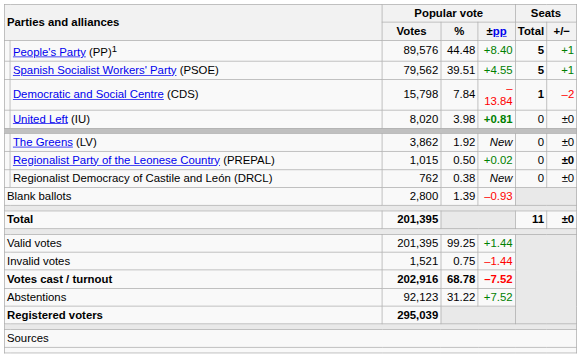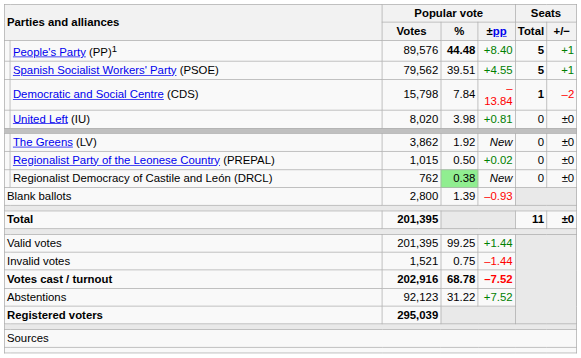 <table class="wikitable" style="text-align:right;">
 <tr>
 <th style="text-align:left;" rowspan="2" colspan="2" width="525">Parties and alliances</th>
 <th colspan="3">Popular vote</th>
 <th colspan="2">Seats</th>
 </tr>
 <tr>
 <th width="75">Votes</th>
 <th width="45">%</th>
 <th width="45">±<a href='#'>pp</a></th>
 <th width="35">Total</th>
 <th width="35">+/−</th>
 </tr>
 <tr>
 <td width="1" style="color:inherit;background:"></td>
 <td align="left"><a href='#'>People's Party</a> (PP)<sup>1</sup></td>
 <td>89,576</td>
-<td>44.48</td>
+<td><strong>44.48</strong></td>
 <td style="color:green;">+8.40</td>
 <td><strong>5</strong></td>
 <td style="color:green;">+1</td>
 </tr>
 <tr>
 <td style="color:inherit;background:"></td>
 <td align="left"><a href='#'>Spanish Socialist Workers' Party</a> (PSOE)</td>
 <td>79,562</td>
 <td>39.51</td>
 <td style="color:green;">+4.55</td>
 <td><strong>5</strong></td>
 <td style="color:green;">+1</td>
 </tr>
 <tr>
 <td style="color:inherit;background:"></td>
 <td align="left"><a href='#'>Democratic and Social Centre</a> (CDS)</td>
 <td>15,798</td>
 <td>7.84</td>
 <td style="color:red;">–13.84</td>
 <td><strong>1</strong></td>
 <td style="color:red;">–2</td>
 </tr>
 <tr>
 <td style="color:inherit;background:"></td>
 <td align="left"><a href='#'>United Left</a> (IU)</td>
 <td>8,020</td>
 <td>3.98</td>
-<td style="color:green;"><strong>+0.81</strong></td>
+<td style="color:green;">+0.81</td>
 <td>0</td>
 <td>±0</td>
 </tr>
 <tr>
 <td colspan="7" bgcolor="#C0C0C0"></td>
 </tr>
 <tr>
 <td style="color:inherit;background:"></td>
 <td align="left"><a href='#'>The Greens</a> (LV)</td>
 <td>3,862</td>
 <td>1.92</td>
 <td><em>New</em></td>
 <td>0</td>
 <td>±0</td>
 </tr>
 <tr>
 <td style="color:inherit;background:"></td>
 <td align="left"><a href='#'>Regionalist Party of the Leonese Country</a> (PREPAL)</td>
 <td>1,015</td>
 <td>0.50</td>
 <td style="color:green;">+0.02</td>
 <td>0</td>
-<td><strong>±0</strong></td>
+<td>±0</td>
 </tr>
 <tr>
 <td style="color:inherit;background:"></td>
 <td align="left">Regionalist Democracy of Castile and León (DRCL)</td>
 <td>762</td>
-<td>0.38</td>
+<td style="background: lightgreen;">0.38</td>
 <td><em>New</em></td>
 <td>0</td>
 <td>±0</td>
 </tr>
 <tr>
 <td align="left" colspan="2">Blank ballots</td>
 <td>2,800</td>
 <td>1.39</td>
 <td style="color:red;">–0.93</td>
 <td bgcolor="#E9E9E9" colspan="2"></td>
 </tr>
 <tr>
 <td colspan="7" bgcolor="#E9E9E9"></td>
 </tr>
 <tr style="font-weight:bold;">
 <td align="left" colspan="2">Total</td>
 <td>201,395</td>
 <td bgcolor="#E9E9E9" colspan="2"></td>
 <td>11</td>
 <td>±0</td>
 </tr>
 <tr>
 <td colspan="7" bgcolor="#E9E9E9"></td>
 </tr>
 <tr>
 <td align="left" colspan="2">Valid votes</td>
 <td>201,395</td>
 <td>99.25</td>
 <td style="color:green;">+1.44</td>
 <td bgcolor="#E9E9E9" colspan="2" rowspan="5"></td>
 </tr>
 <tr>
 <td align="left" colspan="2">Invalid votes</td>
 <td>1,521</td>
 <td>0.75</td>
 <td style="color:red;">–1.44</td>
 </tr>
 <tr style="font-weight:bold;">
 <td align="left" colspan="2">Votes cast / turnout</td>
 <td>202,916</td>
 <td>68.78</td>
 <td style="color:red;">–7.52</td>
 </tr>
 <tr>
 <td align="left" colspan="2">Abstentions</td>
 <td>92,123</td>
 <td>31.22</td>
 <td style="color:green;">+7.52</td>
 </tr>
 <tr style="font-weight:bold;">
 <td align="left" colspan="2">Registered voters</td>
 <td>295,039</td>
 <td bgcolor="#E9E9E9" colspan="2"></td>
 </tr>
 <tr>
 <td colspan="7" bgcolor="#E9E9E9"></td>
 </tr>
 <tr>
 <td align="left" colspan="7">Sources</td>
 </tr>
 <tr>
 <td colspan="7" style="text-align:left; max-width:790px;"></td>
 </tr>
 </table>
